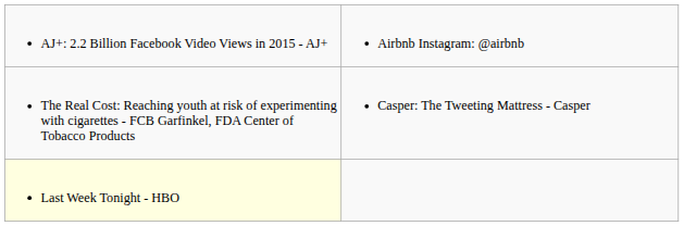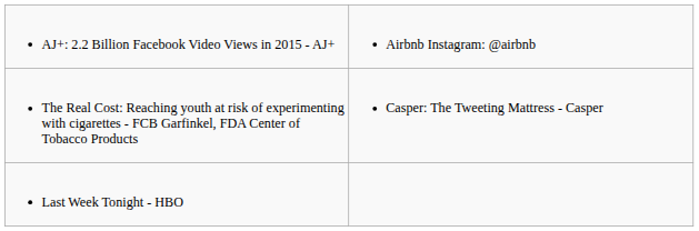 <table class=wikitable>
 <tr>
 <td valign="top" width="400px"><br><ul><li>AJ+: 2.2 Billion Facebook Video Views in 2015 - AJ+</li></ul></td>
 <td valign="top" width="400px"><br><ul><li>Airbnb Instagram: @airbnb</li></ul></td>
 </tr>
 <tr>
 <td valign="top" width="400px"><br><ul><li>The Real Cost: Reaching youth at risk of experimenting with cigarettes - FCB Garfinkel, FDA Center of Tobacco Products</li></ul></td>
 <td valign="top" width="400px"><br><ul><li>Casper: The Tweeting Mattress - Casper</li></ul></td>
 </tr>
 <tr>
-<td valign="top" width="400px" style="background: lightyellow;"><br><ul><li>Last Week Tonight - HBO</li></ul></td>
+<td valign="top" width="400px"><br><ul><li>Last Week Tonight - HBO</li></ul></td>
 </tr>
 </table>
